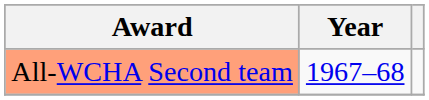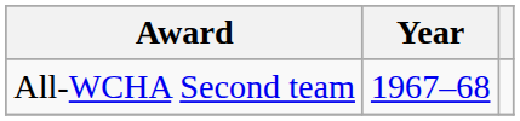 <table class="wikitable">
 <tr>
 <th>Award</th>
 <th>Year</th>
 <th></th>
 </tr>
 <tr>
-<td style="background: lightsalmon;">All-<a href='#'>WCHA</a> <a href='#'>Second team</a></td>
+<td>All-<a href='#'>WCHA</a> <a href='#'>Second team</a></td>
 <td><a href='#'>1967–68</a></td>
 <td></td>
 </tr>
 <tr>
 </tr>
 </table>
